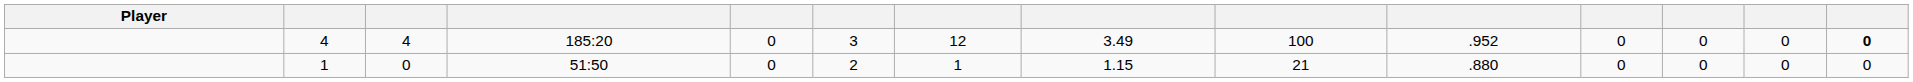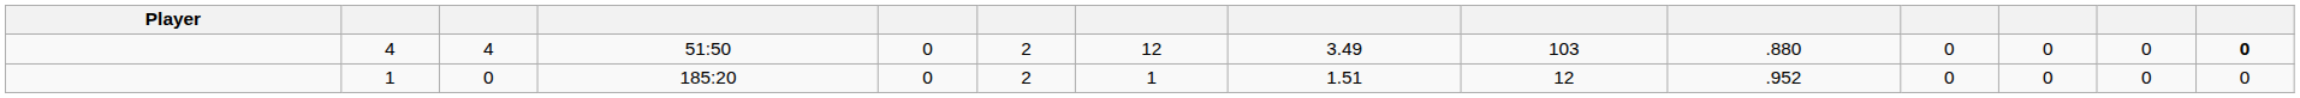 <table class="wikitable sortable" style="width:100%; text-align:center;">
 <tr style="text-align:center; background:#ddd;">
 <th>Player</th>
 <th></th>
 <th></th>
 <th></th>
 <th></th>
 <th></th>
 <th></th>
 <th></th>
 <th></th>
 <th></th>
 <th></th>
 <th></th>
 <th></th>
 <th></th>
 </tr>
 <tr>
 <td style=white-space:nowrap></td>
 <td>4</td>
 <td>4</td>
-<td>185:20</td>
+<td>51:50</td>
 <td>0</td>
-<td>3</td>
+<td>2</td>
 <td>12</td>
 <td>3.49</td>
-<td>100</td>
-<td>.952</td>
+<td>103</td>
+<td>.880</td>
 <td>0</td>
 <td>0</td>
 <td>0</td>
 <td><strong>0</strong></td>
 </tr>
 <tr>
 <td style=white-space:nowrap></td>
 <td>1</td>
 <td>0</td>
-<td>51:50</td>
+<td>185:20</td>
 <td>0</td>
 <td>2</td>
 <td>1</td>
-<td>1.15</td>
-<td>21</td>
-<td>.880</td>
+<td>1.51</td>
+<td>12</td>
+<td>.952</td>
 <td>0</td>
 <td>0</td>
 <td>0</td>
 <td>0</td>
 </tr>
 </table>
